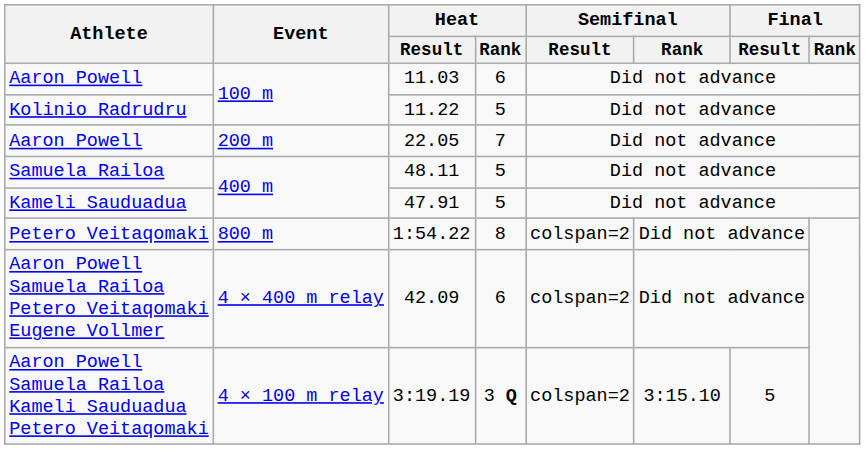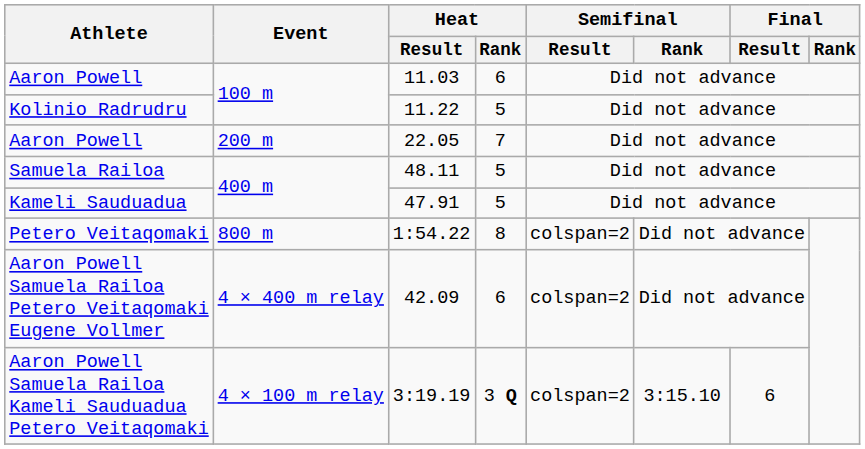 <table class="wikitable" style="font-size:90%">
 <tr>
 <th rowspan=2>Athlete</th>
 <th rowspan=2>Event</th>
 <th colspan=2>Heat</th>
 <th colspan=2>Semifinal</th>
 <th colspan=2>Final</th>
 </tr>
 <tr style="font-size:95%">
 <th>Result</th>
 <th>Rank</th>
 <th>Result</th>
 <th>Rank</th>
 <th>Result</th>
 <th>Rank</th>
 </tr>
 <tr align=center>
 <td align=left><a href='#'>Aaron Powell</a></td>
 <td align=left rowspan=2><a href='#'>100 m</a></td>
 <td>11.03</td>
 <td>6</td>
 <td colspan=4>Did not advance</td>
 </tr>
 <tr align=center>
 <td align=left><a href='#'>Kolinio Radrudru</a></td>
 <td>11.22</td>
 <td>5</td>
 <td colspan=4>Did not advance</td>
 </tr>
 <tr align=center>
 <td align=left><a href='#'>Aaron Powell</a></td>
 <td align=left><a href='#'>200 m</a></td>
 <td>22.05</td>
 <td>7</td>
 <td colspan=4>Did not advance</td>
 </tr>
 <tr align=center>
 <td align=left><a href='#'>Samuela Railoa</a></td>
 <td align=left rowspan=2><a href='#'>400 m</a></td>
 <td>48.11</td>
 <td>5</td>
 <td colspan=4>Did not advance</td>
 </tr>
 <tr align=center>
 <td align=left><a href='#'>Kameli Sauduadua</a></td>
 <td>47.91</td>
 <td>5</td>
 <td colspan=4>Did not advance</td>
 </tr>
 <tr align=center>
 <td align=left><a href='#'>Petero Veitaqomaki</a></td>
 <td align=left><a href='#'>800 m</a></td>
 <td>1:54.22</td>
 <td>8</td>
 <td>colspan=2</td>
 <td colspan=2>Did not advance</td>
 </tr>
 <tr align=center>
 <td align=left><a href='#'>Aaron Powell</a><br><a href='#'>Samuela Railoa</a><br><a href='#'>Petero Veitaqomaki</a><br><a href='#'>Eugene Vollmer</a></td>
 <td align=left><a href='#'>4 × 400 m relay</a></td>
 <td>42.09</td>
 <td>6</td>
 <td>colspan=2 </td>
 <td colspan=2>Did not advance</td>
 </tr>
 <tr align=center>
 <td align=left><a href='#'>Aaron Powell</a><br><a href='#'>Samuela Railoa</a><br><a href='#'>Kameli Sauduadua</a><br><a href='#'>Petero Veitaqomaki</a></td>
 <td align=left><a href='#'>4 × 100 m relay</a></td>
 <td>3:19.19</td>
 <td>3 <strong>Q</strong></td>
 <td>colspan=2 </td>
 <td>3:15.10</td>
-<td>5</td>
+<td>6</td>
 </tr>
 </table>
